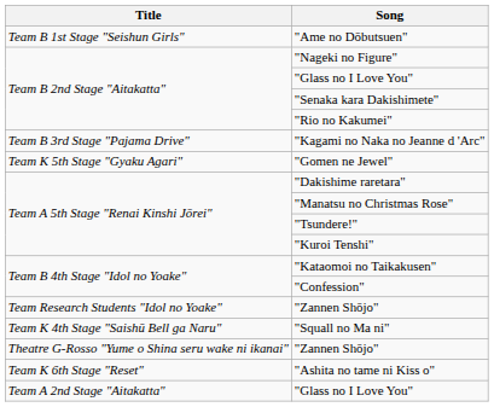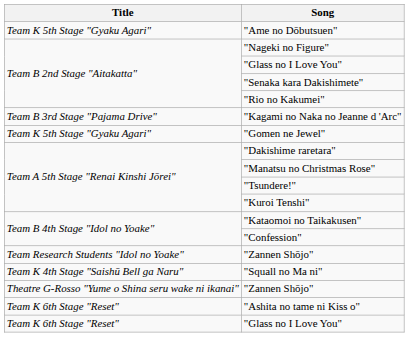 <table class="wikitable">
 <tr>
 <th>Title</th>
 <th>Song</th>
 </tr>
 <tr>
-<td><em>Team B 1st Stage "Seishun Girls"</em></td>
+<td><em>Team K 5th Stage "Gyaku Agari"</em></td>
 <td>"Ame no Dōbutsuen"</td>
 </tr>
 <tr>
 <td rowspan="4"><em>Team B 2nd Stage "Aitakatta"</em></td>
 <td>"Nageki no Figure"</td>
 </tr>
 <tr>
 <td>"Glass no I Love You"</td>
 </tr>
 <tr>
 <td>"Senaka kara Dakishimete"</td>
 </tr>
 <tr>
 <td>"Rio no Kakumei"</td>
 </tr>
 <tr>
 <td><em>Team B 3rd Stage "Pajama Drive"</em></td>
 <td>"Kagami no Naka no Jeanne d 'Arc"</td>
 </tr>
 <tr>
 <td><em>Team K 5th Stage "Gyaku Agari"</em></td>
 <td>"Gomen ne Jewel"</td>
 </tr>
 <tr>
 <td rowspan="4"><em>Team A 5th Stage "Renai Kinshi Jōrei"</em></td>
 <td>"Dakishime raretara"</td>
 </tr>
 <tr>
 <td>"Manatsu no Christmas Rose"</td>
 </tr>
 <tr>
 <td>"Tsundere!"</td>
 </tr>
 <tr>
 <td>"Kuroi Tenshi"</td>
 </tr>
 <tr>
 <td rowspan="2"><em>Team B 4th Stage "Idol no Yoake"</em></td>
 <td>"Kataomoi no Taikakusen"</td>
 </tr>
 <tr>
 <td>"Confession"</td>
 </tr>
 <tr>
 <td><em>Team Research Students "Idol no Yoake"</em></td>
 <td>"Zannen Shōjo"</td>
 </tr>
 <tr>
 <td><em>Team K 4th Stage "Saishū Bell ga Naru"</em></td>
 <td>"Squall no Ma ni"</td>
 </tr>
 <tr>
 <td><em>Theatre G-Rosso "Yume o Shina seru wake ni ikanai"</em></td>
 <td>"Zannen Shōjo"</td>
 </tr>
 <tr>
 <td><em>Team K 6th Stage "Reset"</em></td>
 <td>"Ashita no tame ni Kiss o"</td>
 </tr>
 <tr>
-<td><em>Team A 2nd Stage "Aitakatta"</em></td>
+<td><em>Team K 6th Stage "Reset"</em></td>
 <td>"Glass no I Love You"</td>
 </tr>
 </table>
